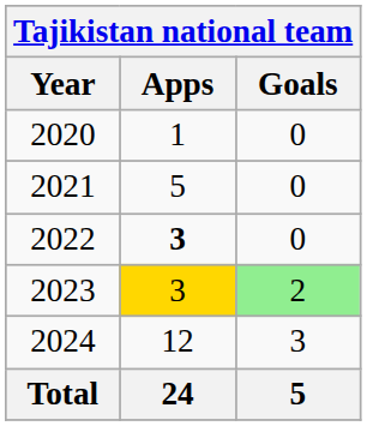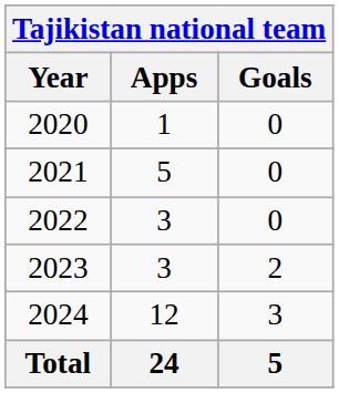 <table class="wikitable" style="text-align:center">
 <tr>
 <th colspan=3><a href='#'>Tajikistan national team</a></th>
 </tr>
 <tr>
 <th>Year</th>
 <th>Apps</th>
 <th>Goals</th>
 </tr>
 <tr>
 <td>2020</td>
 <td>1</td>
 <td>0</td>
 </tr>
 <tr>
 <td>2021</td>
 <td>5</td>
 <td>0</td>
 </tr>
 <tr>
 <td>2022</td>
-<td><strong>3</strong></td>
+<td>3</td>
 <td>0</td>
 </tr>
 <tr>
 <td>2023</td>
-<td style="background: gold;">3</td>
-<td style="background: lightgreen;">2</td>
+<td>3</td>
+<td>2</td>
 </tr>
 <tr>
 <td>2024</td>
 <td>12</td>
 <td>3</td>
 </tr>
 <tr>
 <th>Total</th>
 <th>24</th>
 <th>5</th>
 </tr>
 </table>
